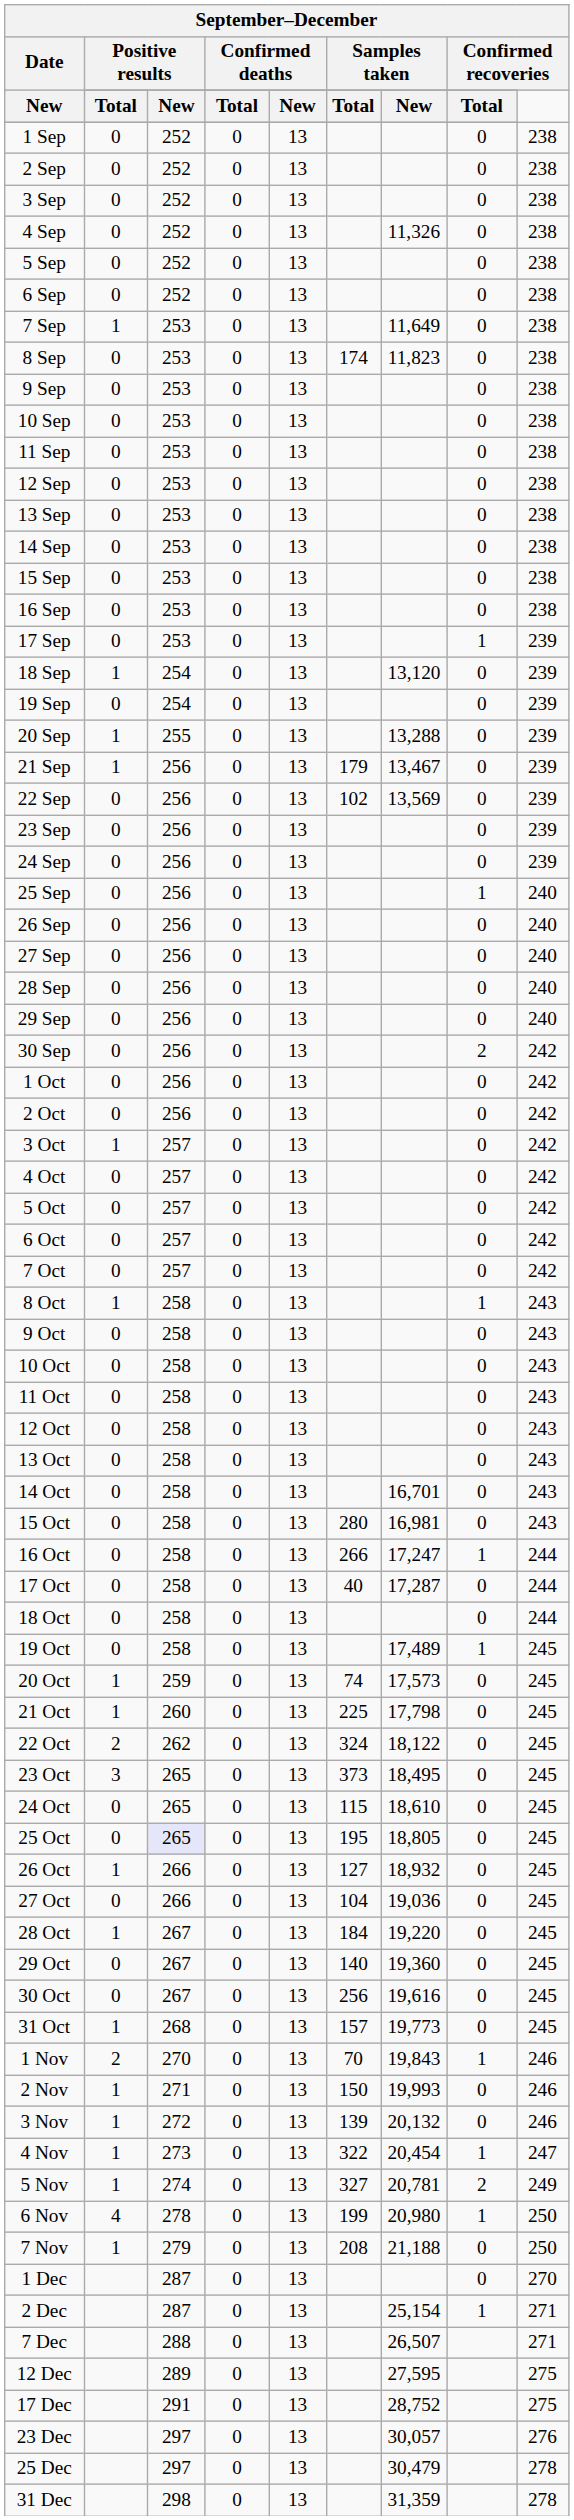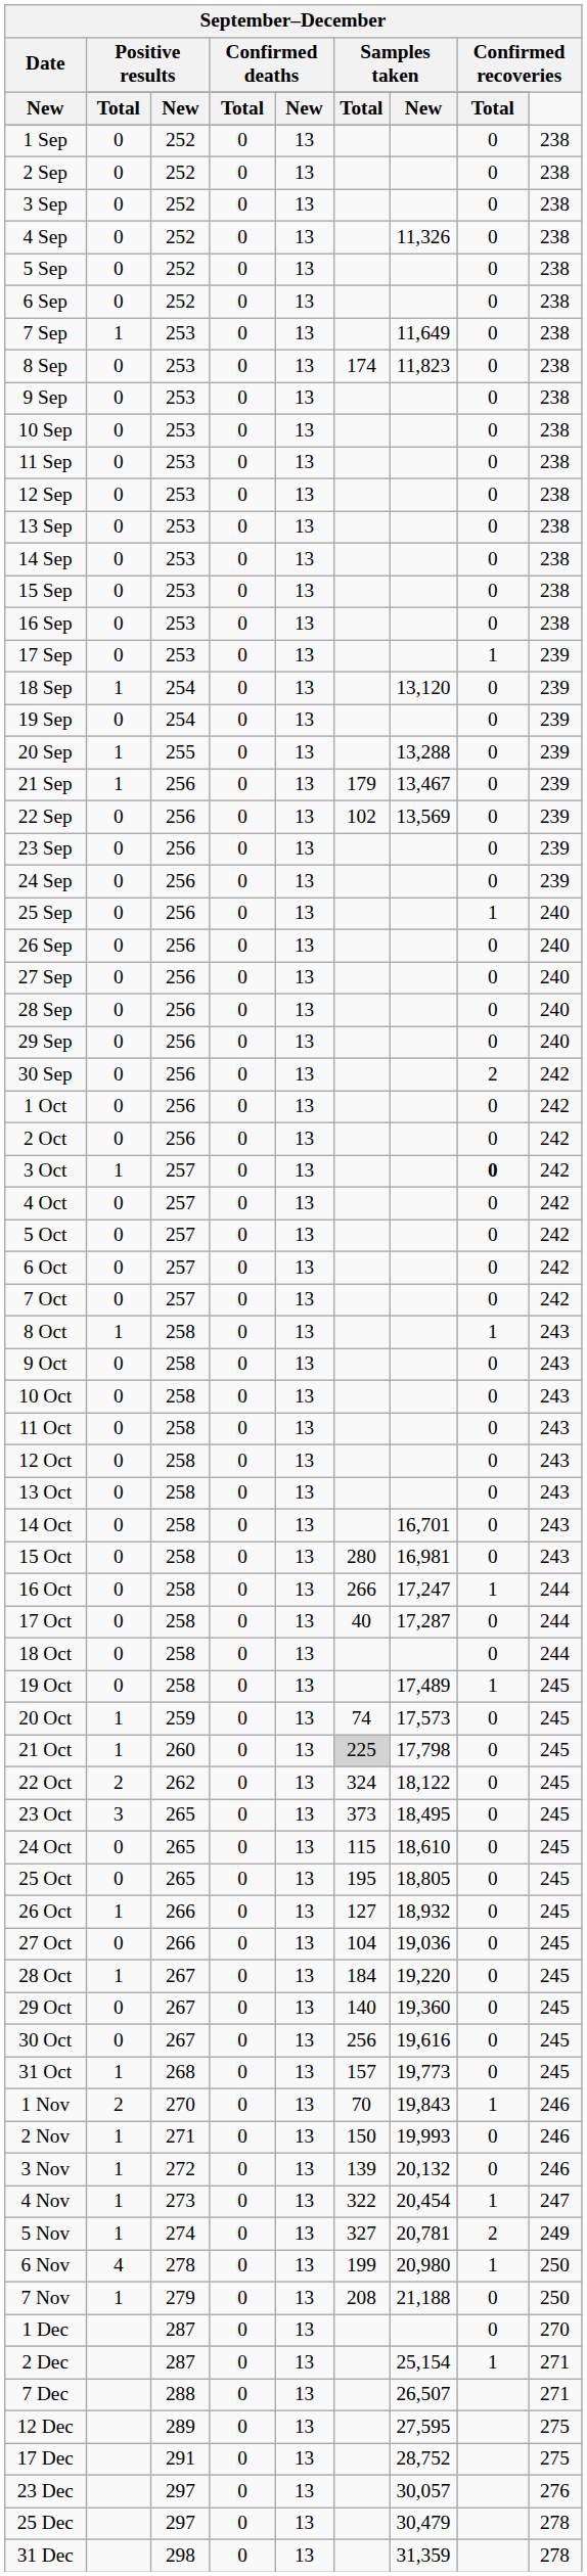 <table class="wikitable collapsible collapsed" style="text-align:center; font-size:86%">
 <tr>
 <th colspan="10">September–December</th>
 </tr>
 <tr>
 <th rowspan="2" width=50px>Date</th>
 <th colspan="2" width=80px>Positive results</th>
 <th colspan="2" width=80px>Confirmed deaths</th>
 <th colspan="2" width=80px>Samples taken</th>
 <th colspan="2" width=80px>Confirmed recoveries</th>
 </tr>
 <tr>
 </tr>
 <tr>
 <th>New</th>
 <th>Total</th>
 <th>New</th>
 <th>Total</th>
 <th>New</th>
 <th>Total</th>
 <th>New</th>
 <th>Total</th>
 </tr>
 <tr>
 </tr>
 <tr>
 <td>1 Sep</td>
 <td>0</td>
 <td>252</td>
 <td>0</td>
 <td>13</td>
 <td></td>
 <td></td>
 <td>0</td>
 <td>238</td>
 </tr>
 <tr>
 <td>2 Sep</td>
 <td>0</td>
 <td>252</td>
 <td>0</td>
 <td>13</td>
 <td></td>
 <td></td>
 <td>0</td>
 <td>238</td>
 </tr>
 <tr>
 <td>3 Sep</td>
 <td>0</td>
 <td>252</td>
 <td>0</td>
 <td>13</td>
 <td></td>
 <td></td>
 <td>0</td>
 <td>238</td>
 </tr>
 <tr>
 <td>4 Sep</td>
 <td>0</td>
 <td>252</td>
 <td>0</td>
 <td>13</td>
 <td></td>
 <td>11,326</td>
 <td>0</td>
 <td>238</td>
 </tr>
 <tr>
 <td>5 Sep</td>
 <td>0</td>
 <td>252</td>
 <td>0</td>
 <td>13</td>
 <td></td>
 <td></td>
 <td>0</td>
 <td>238</td>
 </tr>
 <tr>
 <td>6 Sep</td>
 <td>0</td>
 <td>252</td>
 <td>0</td>
 <td>13</td>
 <td></td>
 <td></td>
 <td>0</td>
 <td>238</td>
 </tr>
 <tr>
 <td>7 Sep</td>
 <td>1</td>
 <td>253</td>
 <td>0</td>
 <td>13</td>
 <td></td>
 <td>11,649</td>
 <td>0</td>
 <td>238</td>
 </tr>
 <tr>
 <td>8 Sep</td>
 <td>0</td>
 <td>253</td>
 <td>0</td>
 <td>13</td>
 <td>174</td>
 <td>11,823</td>
 <td>0</td>
 <td>238</td>
 </tr>
 <tr>
 <td>9 Sep</td>
 <td>0</td>
 <td>253</td>
 <td>0</td>
 <td>13</td>
 <td></td>
 <td></td>
 <td>0</td>
 <td>238</td>
 </tr>
 <tr>
 <td>10 Sep</td>
 <td>0</td>
 <td>253</td>
 <td>0</td>
 <td>13</td>
 <td></td>
 <td></td>
 <td>0</td>
 <td>238</td>
 </tr>
 <tr>
 <td>11 Sep</td>
 <td>0</td>
 <td>253</td>
 <td>0</td>
 <td>13</td>
 <td></td>
 <td></td>
 <td>0</td>
 <td>238</td>
 </tr>
 <tr>
 <td>12 Sep</td>
 <td>0</td>
 <td>253</td>
 <td>0</td>
 <td>13</td>
 <td></td>
 <td></td>
 <td>0</td>
 <td>238</td>
 </tr>
 <tr>
 <td>13 Sep</td>
 <td>0</td>
 <td>253</td>
 <td>0</td>
 <td>13</td>
 <td></td>
 <td></td>
 <td>0</td>
 <td>238</td>
 </tr>
 <tr>
 <td>14 Sep</td>
 <td>0</td>
 <td>253</td>
 <td>0</td>
 <td>13</td>
 <td></td>
 <td></td>
 <td>0</td>
 <td>238</td>
 </tr>
 <tr>
 <td>15 Sep</td>
 <td>0</td>
 <td>253</td>
 <td>0</td>
 <td>13</td>
 <td></td>
 <td></td>
 <td>0</td>
 <td>238</td>
 </tr>
 <tr>
 <td>16 Sep</td>
 <td>0</td>
 <td>253</td>
 <td>0</td>
 <td>13</td>
 <td></td>
 <td></td>
 <td>0</td>
 <td>238</td>
 </tr>
 <tr>
 <td>17 Sep</td>
 <td>0</td>
 <td>253</td>
 <td>0</td>
 <td>13</td>
 <td></td>
 <td></td>
 <td>1</td>
 <td>239</td>
 </tr>
 <tr>
 <td>18 Sep</td>
 <td>1</td>
 <td>254</td>
 <td>0</td>
 <td>13</td>
 <td></td>
 <td>13,120</td>
 <td>0</td>
 <td>239</td>
 </tr>
 <tr>
 <td>19 Sep</td>
 <td>0</td>
 <td>254</td>
 <td>0</td>
 <td>13</td>
 <td></td>
 <td></td>
 <td>0</td>
 <td>239</td>
 </tr>
 <tr>
 <td>20 Sep</td>
 <td>1</td>
 <td>255</td>
 <td>0</td>
 <td>13</td>
 <td></td>
 <td>13,288</td>
 <td>0</td>
 <td>239</td>
 </tr>
 <tr>
 <td>21 Sep</td>
 <td>1</td>
 <td>256</td>
 <td>0</td>
 <td>13</td>
 <td>179</td>
 <td>13,467</td>
 <td>0</td>
 <td>239</td>
 </tr>
 <tr>
 <td>22 Sep</td>
 <td>0</td>
 <td>256</td>
 <td>0</td>
 <td>13</td>
 <td>102</td>
 <td>13,569</td>
 <td>0</td>
 <td>239</td>
 </tr>
 <tr>
 <td>23 Sep</td>
 <td>0</td>
 <td>256</td>
 <td>0</td>
 <td>13</td>
 <td></td>
 <td></td>
 <td>0</td>
 <td>239</td>
 </tr>
 <tr>
 <td>24 Sep</td>
 <td>0</td>
 <td>256</td>
 <td>0</td>
 <td>13</td>
 <td></td>
 <td></td>
 <td>0</td>
 <td>239</td>
 </tr>
 <tr>
 <td>25 Sep</td>
 <td>0</td>
 <td>256</td>
 <td>0</td>
 <td>13</td>
 <td></td>
 <td></td>
 <td>1</td>
 <td>240</td>
 </tr>
 <tr>
 <td>26 Sep</td>
 <td>0</td>
 <td>256</td>
 <td>0</td>
 <td>13</td>
 <td></td>
 <td></td>
 <td>0</td>
 <td>240</td>
 </tr>
 <tr>
 <td>27 Sep</td>
 <td>0</td>
 <td>256</td>
 <td>0</td>
 <td>13</td>
 <td></td>
 <td></td>
 <td>0</td>
 <td>240</td>
 </tr>
 <tr>
 <td>28 Sep</td>
 <td>0</td>
 <td>256</td>
 <td>0</td>
 <td>13</td>
 <td></td>
 <td></td>
 <td>0</td>
 <td>240</td>
 </tr>
 <tr>
 <td>29 Sep</td>
 <td>0</td>
 <td>256</td>
 <td>0</td>
 <td>13</td>
 <td></td>
 <td></td>
 <td>0</td>
 <td>240</td>
 </tr>
 <tr>
 <td>30 Sep</td>
 <td>0</td>
 <td>256</td>
 <td>0</td>
 <td>13</td>
 <td></td>
 <td></td>
 <td>2</td>
 <td>242</td>
 </tr>
 <tr>
 <td>1 Oct</td>
 <td>0</td>
 <td>256</td>
 <td>0</td>
 <td>13</td>
 <td></td>
 <td></td>
 <td>0</td>
 <td>242</td>
 </tr>
 <tr>
 <td>2 Oct</td>
 <td>0</td>
 <td>256</td>
 <td>0</td>
 <td>13</td>
 <td></td>
 <td></td>
 <td>0</td>
 <td>242</td>
 </tr>
 <tr>
 <td>3 Oct</td>
 <td>1</td>
 <td>257</td>
 <td>0</td>
 <td>13</td>
 <td></td>
 <td></td>
-<td>0</td>
+<td><strong>0</strong></td>
 <td>242</td>
 </tr>
 <tr>
 <td>4 Oct</td>
 <td>0</td>
 <td>257</td>
 <td>0</td>
 <td>13</td>
 <td></td>
 <td></td>
 <td>0</td>
 <td>242</td>
 </tr>
 <tr>
 <td>5 Oct</td>
 <td>0</td>
 <td>257</td>
 <td>0</td>
 <td>13</td>
 <td></td>
 <td></td>
 <td>0</td>
 <td>242</td>
 </tr>
 <tr>
 <td>6 Oct</td>
 <td>0</td>
 <td>257</td>
 <td>0</td>
 <td>13</td>
 <td></td>
 <td></td>
 <td>0</td>
 <td>242</td>
 </tr>
 <tr>
 <td>7 Oct</td>
 <td>0</td>
 <td>257</td>
 <td>0</td>
 <td>13</td>
 <td></td>
 <td></td>
 <td>0</td>
 <td>242</td>
 </tr>
 <tr>
 <td>8 Oct</td>
 <td>1</td>
 <td>258</td>
 <td>0</td>
 <td>13</td>
 <td></td>
 <td></td>
 <td>1</td>
 <td>243</td>
 </tr>
 <tr>
 <td>9 Oct</td>
 <td>0</td>
 <td>258</td>
 <td>0</td>
 <td>13</td>
 <td></td>
 <td></td>
 <td>0</td>
 <td>243</td>
 </tr>
 <tr>
 <td>10 Oct</td>
 <td>0</td>
 <td>258</td>
 <td>0</td>
 <td>13</td>
 <td></td>
 <td></td>
 <td>0</td>
 <td>243</td>
 </tr>
 <tr>
 <td>11 Oct</td>
 <td>0</td>
 <td>258</td>
 <td>0</td>
 <td>13</td>
 <td></td>
 <td></td>
 <td>0</td>
 <td>243</td>
 </tr>
 <tr>
 <td>12 Oct</td>
 <td>0</td>
 <td>258</td>
 <td>0</td>
 <td>13</td>
 <td></td>
 <td></td>
 <td>0</td>
 <td>243</td>
 </tr>
 <tr>
 <td>13 Oct</td>
 <td>0</td>
 <td>258</td>
 <td>0</td>
 <td>13</td>
 <td></td>
 <td></td>
 <td>0</td>
 <td>243</td>
 </tr>
 <tr>
 <td>14 Oct</td>
 <td>0</td>
 <td>258</td>
 <td>0</td>
 <td>13</td>
 <td></td>
 <td>16,701</td>
 <td>0</td>
 <td>243</td>
 </tr>
 <tr>
 <td>15 Oct</td>
 <td>0</td>
 <td>258</td>
 <td>0</td>
 <td>13</td>
 <td>280</td>
 <td>16,981</td>
 <td>0</td>
 <td>243</td>
 </tr>
 <tr>
 <td>16 Oct</td>
 <td>0</td>
 <td>258</td>
 <td>0</td>
 <td>13</td>
 <td>266</td>
 <td>17,247</td>
 <td>1</td>
 <td>244</td>
 </tr>
 <tr>
 <td>17 Oct</td>
 <td>0</td>
 <td>258</td>
 <td>0</td>
 <td>13</td>
 <td>40</td>
 <td>17,287</td>
 <td>0</td>
 <td>244</td>
 </tr>
 <tr>
 <td>18 Oct</td>
 <td>0</td>
 <td>258</td>
 <td>0</td>
 <td>13</td>
 <td></td>
 <td></td>
 <td>0</td>
 <td>244</td>
 </tr>
 <tr>
 <td>19 Oct</td>
 <td>0</td>
 <td>258</td>
 <td>0</td>
 <td>13</td>
 <td></td>
 <td>17,489</td>
 <td>1</td>
 <td>245</td>
 </tr>
 <tr>
 <td>20 Oct</td>
 <td>1</td>
 <td>259</td>
 <td>0</td>
 <td>13</td>
 <td>74</td>
 <td>17,573</td>
 <td>0</td>
 <td>245</td>
 </tr>
 <tr>
 <td>21 Oct</td>
 <td>1</td>
 <td>260</td>
 <td>0</td>
 <td>13</td>
-<td>225</td>
+<td style="background: lightgrey;">225</td>
 <td>17,798</td>
 <td>0</td>
 <td>245</td>
 </tr>
 <tr>
 <td>22 Oct</td>
 <td>2</td>
 <td>262</td>
 <td>0</td>
 <td>13</td>
 <td>324</td>
 <td>18,122</td>
 <td>0</td>
 <td>245</td>
 </tr>
 <tr>
 <td>23 Oct</td>
 <td>3</td>
 <td>265</td>
 <td>0</td>
 <td>13</td>
 <td>373</td>
 <td>18,495</td>
 <td>0</td>
 <td>245</td>
 </tr>
 <tr>
 <td>24 Oct</td>
 <td>0</td>
 <td>265</td>
 <td>0</td>
 <td>13</td>
 <td>115</td>
 <td>18,610</td>
 <td>0</td>
 <td>245</td>
 </tr>
 <tr>
 <td>25 Oct</td>
 <td>0</td>
-<td style="background: lavender;">265</td>
+<td>265</td>
 <td>0</td>
 <td>13</td>
 <td>195</td>
 <td>18,805</td>
 <td>0</td>
 <td>245</td>
 </tr>
 <tr>
 <td>26 Oct</td>
 <td>1</td>
 <td>266</td>
 <td>0</td>
 <td>13</td>
 <td>127</td>
 <td>18,932</td>
 <td>0</td>
 <td>245</td>
 </tr>
 <tr>
 <td>27 Oct</td>
 <td>0</td>
 <td>266</td>
 <td>0</td>
 <td>13</td>
 <td>104</td>
 <td>19,036</td>
 <td>0</td>
 <td>245</td>
 </tr>
 <tr>
 <td>28 Oct</td>
 <td>1</td>
 <td>267</td>
 <td>0</td>
 <td>13</td>
 <td>184</td>
 <td>19,220</td>
 <td>0</td>
 <td>245</td>
 </tr>
 <tr>
 <td>29 Oct</td>
 <td>0</td>
 <td>267</td>
 <td>0</td>
 <td>13</td>
 <td>140</td>
 <td>19,360</td>
 <td>0</td>
 <td>245</td>
 </tr>
 <tr>
 <td>30 Oct</td>
 <td>0</td>
 <td>267</td>
 <td>0</td>
 <td>13</td>
 <td>256</td>
 <td>19,616</td>
 <td>0</td>
 <td>245</td>
 </tr>
 <tr>
 <td>31 Oct</td>
 <td>1</td>
 <td>268</td>
 <td>0</td>
 <td>13</td>
 <td>157</td>
 <td>19,773</td>
 <td>0</td>
 <td>245</td>
 </tr>
 <tr>
 <td>1 Nov</td>
 <td>2</td>
 <td>270</td>
 <td>0</td>
 <td>13</td>
 <td>70</td>
 <td>19,843</td>
 <td>1</td>
 <td>246</td>
 </tr>
 <tr>
 <td>2 Nov</td>
 <td>1</td>
 <td>271</td>
 <td>0</td>
 <td>13</td>
 <td>150</td>
 <td>19,993</td>
 <td>0</td>
 <td>246</td>
 </tr>
 <tr>
 <td>3 Nov</td>
 <td>1</td>
 <td>272</td>
 <td>0</td>
 <td>13</td>
 <td>139</td>
 <td>20,132</td>
 <td>0</td>
 <td>246</td>
 </tr>
 <tr>
 <td>4 Nov</td>
 <td>1</td>
 <td>273</td>
 <td>0</td>
 <td>13</td>
 <td>322</td>
 <td>20,454</td>
 <td>1</td>
 <td>247</td>
 </tr>
 <tr>
 <td>5 Nov</td>
 <td>1</td>
 <td>274</td>
 <td>0</td>
 <td>13</td>
 <td>327</td>
 <td>20,781</td>
 <td>2</td>
 <td>249</td>
 </tr>
 <tr>
 <td>6 Nov</td>
 <td>4</td>
 <td>278</td>
 <td>0</td>
 <td>13</td>
 <td>199</td>
 <td>20,980</td>
 <td>1</td>
 <td>250</td>
 </tr>
 <tr>
 <td>7 Nov</td>
 <td>1</td>
 <td>279</td>
 <td>0</td>
 <td>13</td>
 <td>208</td>
 <td>21,188</td>
 <td>0</td>
 <td>250</td>
 </tr>
 <tr>
 <td>1 Dec</td>
 <td></td>
 <td>287</td>
 <td>0</td>
 <td>13</td>
 <td></td>
 <td></td>
 <td>0</td>
 <td>270</td>
 </tr>
 <tr>
 <td>2 Dec</td>
 <td></td>
 <td>287</td>
 <td>0</td>
 <td>13</td>
 <td></td>
 <td>25,154</td>
 <td>1</td>
 <td>271</td>
 </tr>
 <tr>
 <td>7 Dec</td>
 <td></td>
 <td>288</td>
 <td>0</td>
 <td>13</td>
 <td></td>
 <td>26,507</td>
 <td></td>
 <td>271</td>
 </tr>
 <tr>
 <td>12 Dec</td>
 <td></td>
 <td>289</td>
 <td>0</td>
 <td>13</td>
 <td></td>
 <td>27,595</td>
 <td></td>
 <td>275</td>
 </tr>
 <tr>
 <td>17 Dec</td>
 <td></td>
 <td>291</td>
 <td>0</td>
 <td>13</td>
 <td></td>
 <td>28,752</td>
 <td></td>
 <td>275</td>
 </tr>
 <tr>
 <td>23 Dec</td>
 <td></td>
 <td>297</td>
 <td>0</td>
 <td>13</td>
 <td></td>
 <td>30,057</td>
 <td></td>
 <td>276</td>
 </tr>
 <tr>
 <td>25 Dec</td>
 <td></td>
 <td>297</td>
 <td>0</td>
 <td>13</td>
 <td></td>
 <td>30,479</td>
 <td></td>
 <td>278</td>
 </tr>
 <tr>
 <td>31 Dec</td>
 <td></td>
 <td>298</td>
 <td>0</td>
 <td>13</td>
 <td></td>
 <td>31,359</td>
 <td></td>
 <td>278</td>
 </tr>
 </table>
